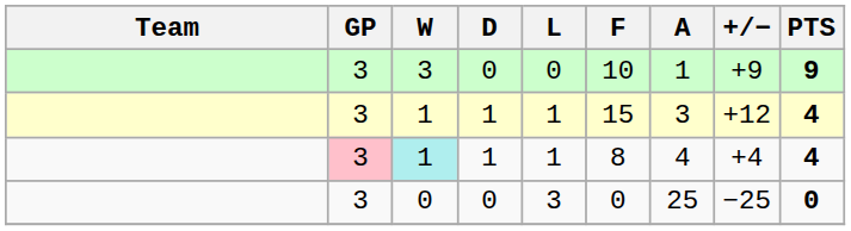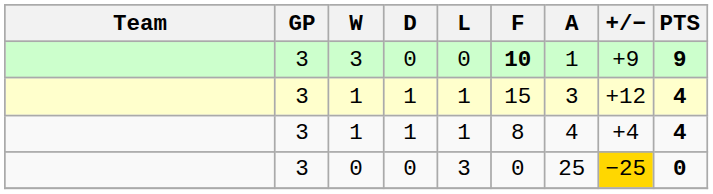 <table class="wikitable" border="1">
 <tr>
 <th width="150">Team</th>
 <th width="25">GP</th>
 <th width="25">W</th>
 <th width="25">D</th>
 <th width="25">L</th>
 <th width="25">F</th>
 <th width="25">A</th>
 <th width="25">+/−</th>
 <th width="25">PTS</th>
 </tr>
 <tr style="text-align:center; background:#ccffcc">
 <td style="text-align:left"></td>
 <td>3</td>
 <td>3</td>
 <td>0</td>
 <td>0</td>
-<td>10</td>
+<td><strong>10</strong></td>
 <td>1</td>
 <td>+9</td>
 <td><strong>9</strong></td>
 </tr>
 <tr style="text-align:center; background:#ffffcc">
 <td style="text-align:left"></td>
 <td>3</td>
 <td>1</td>
 <td>1</td>
 <td>1</td>
 <td>15</td>
 <td>3</td>
 <td>+12</td>
 <td><strong>4</strong></td>
 </tr>
 <tr style="text-align:center;">
 <td style="text-align:left"></td>
-<td style="background: pink;">3</td>
-<td style="background: paleturquoise;">1</td>
+<td>3</td>
+<td>1</td>
 <td>1</td>
 <td>1</td>
 <td>8</td>
 <td>4</td>
 <td>+4</td>
 <td><strong>4</strong></td>
 </tr>
 <tr style="text-align:center;">
 <td style="text-align:left"></td>
 <td>3</td>
 <td>0</td>
 <td>0</td>
 <td>3</td>
 <td>0</td>
 <td>25</td>
-<td>−25</td>
+<td style="background: gold;">−25</td>
 <td><strong>0</strong></td>
 </tr>
 <tr>
 </tr>
 </table>
